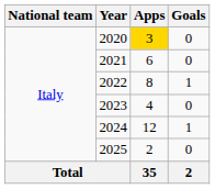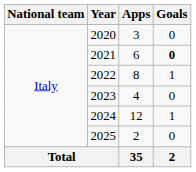 <table class="wikitable" style="text-align:center">
 <tr>
 <th>National team</th>
 <th>Year</th>
 <th>Apps</th>
 <th>Goals</th>
 </tr>
 <tr>
 <td rowspan="6"><a href='#'>Italy</a></td>
 <td>2020</td>
-<td style="background: gold;">3</td>
+<td>3</td>
 <td>0</td>
 </tr>
 <tr>
 <td>2021</td>
 <td>6</td>
-<td>0</td>
+<td><strong>0</strong></td>
 </tr>
 <tr>
 <td>2022</td>
 <td>8</td>
 <td>1</td>
 </tr>
 <tr>
 <td>2023</td>
 <td>4</td>
 <td>0</td>
 </tr>
 <tr>
 <td>2024</td>
 <td>12</td>
 <td>1</td>
 </tr>
 <tr>
 <td>2025</td>
 <td>2</td>
 <td>0</td>
 </tr>
 <tr>
 <th colspan="2">Total</th>
 <th>35</th>
 <th>2</th>
 </tr>
 </table>
